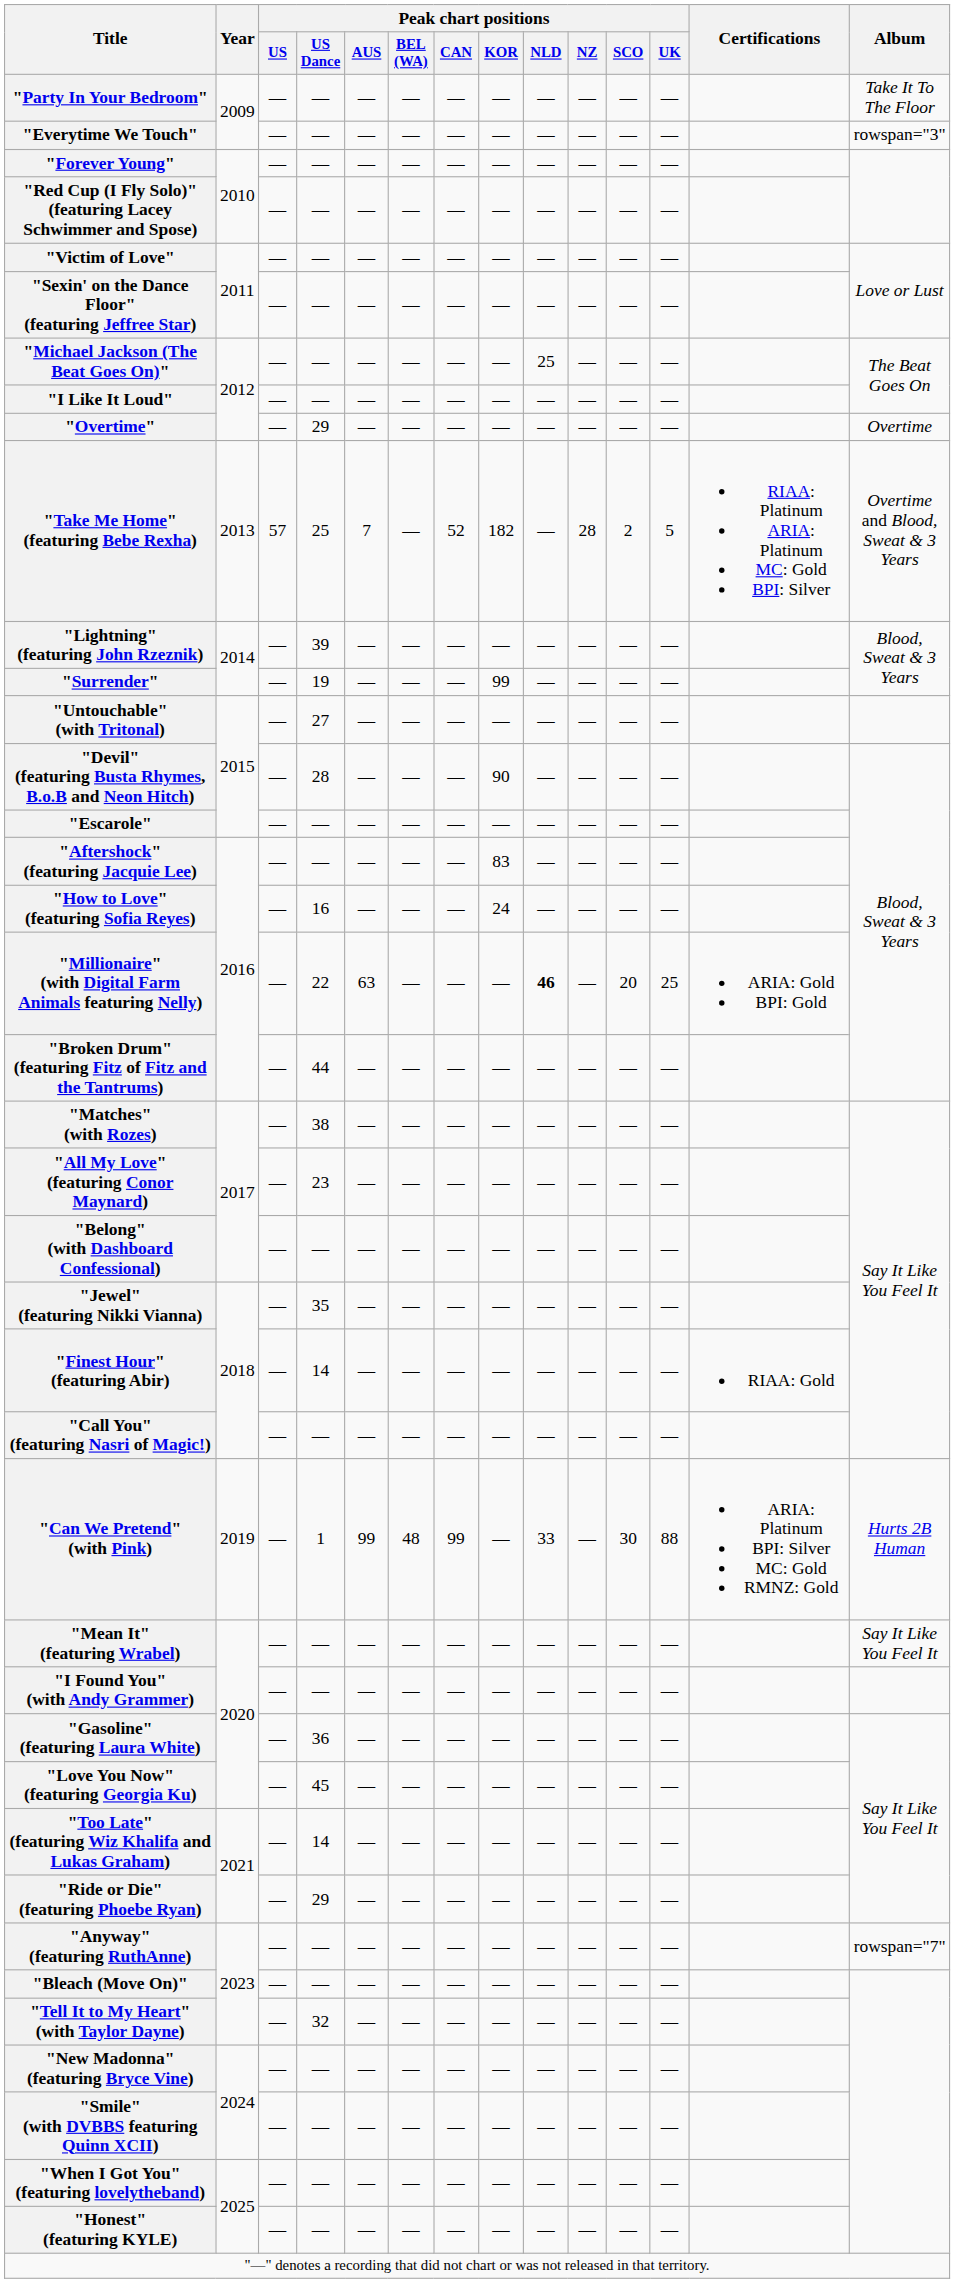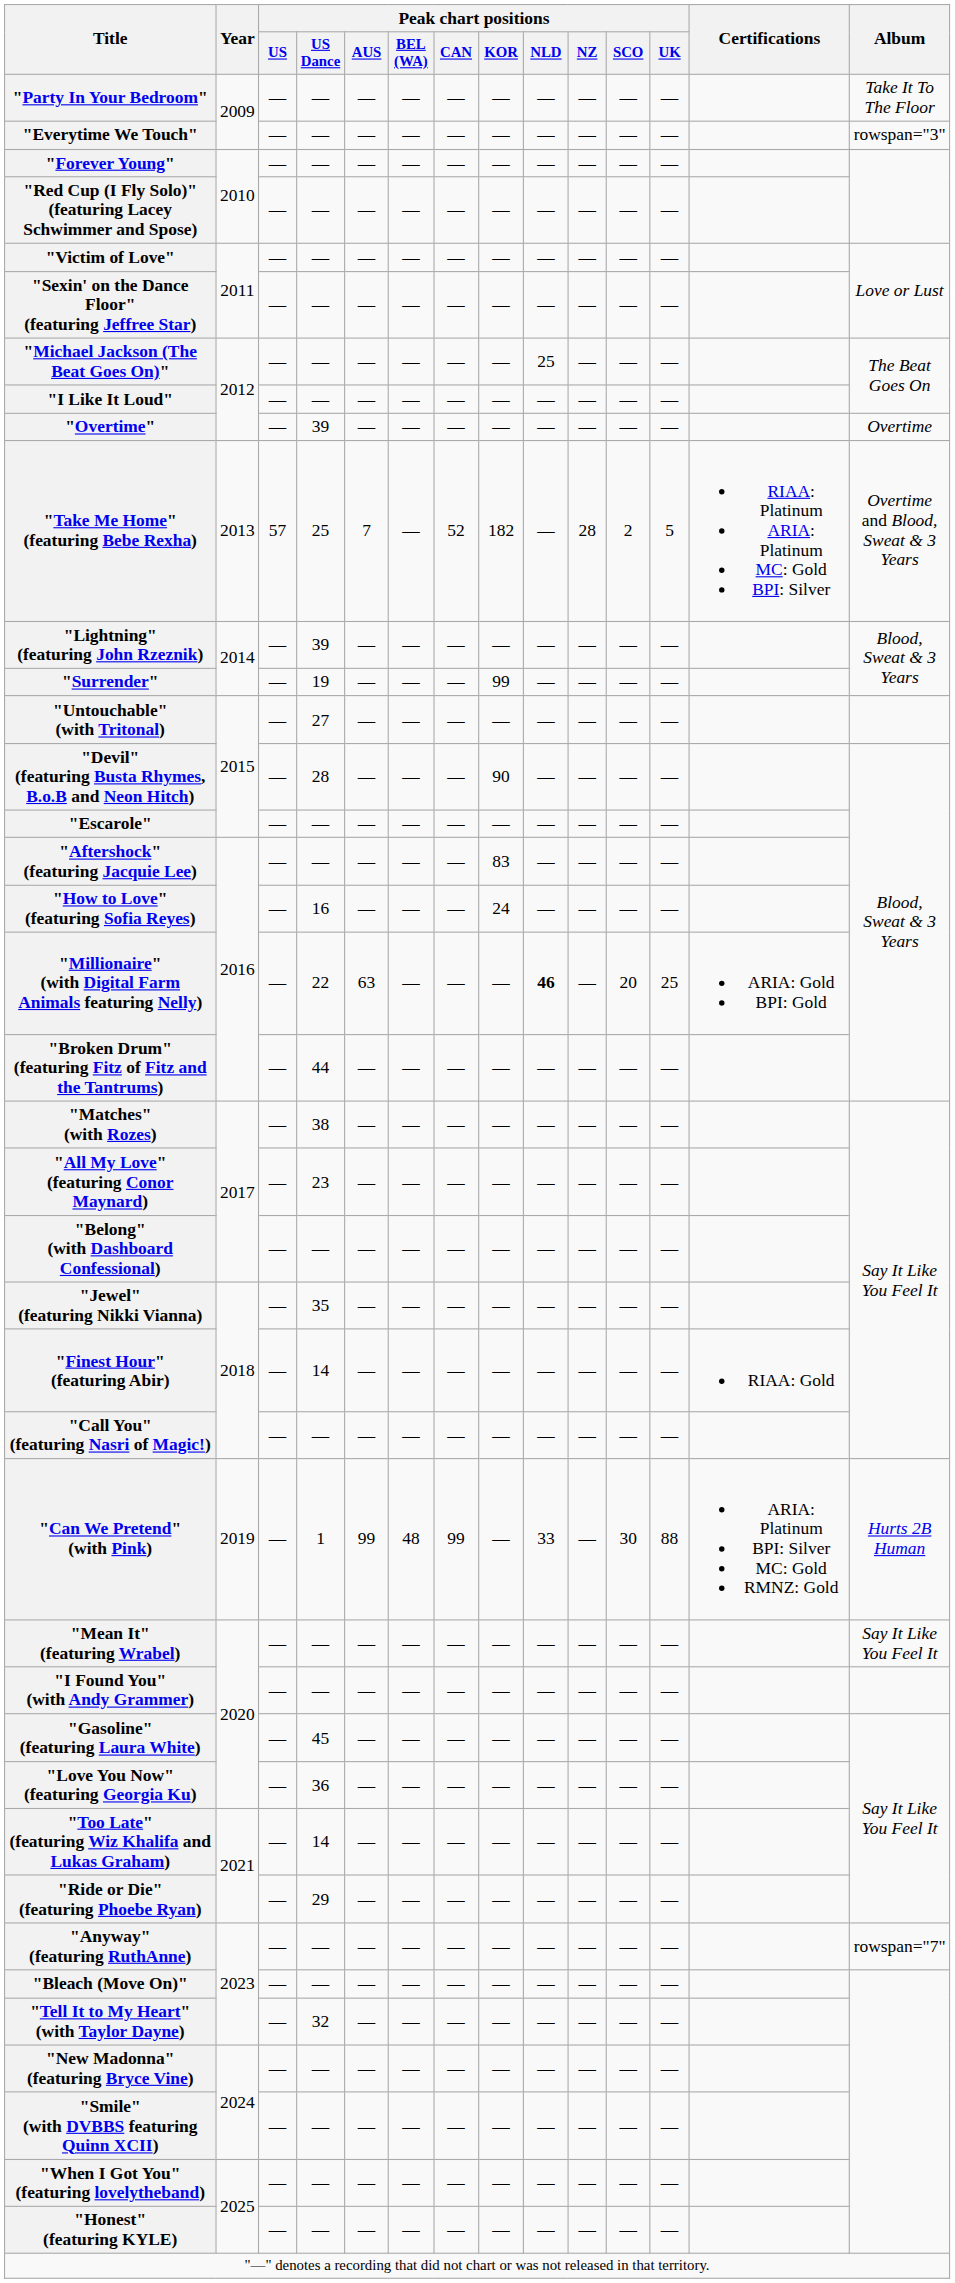 <table class="wikitable plainrowheaders" style="text-align:center;">
 <tr>
 <th scope="col" rowspan="2" style="width:18em;">Title</th>
 <th scope="col" rowspan="2">Year</th>
 <th scope="col" colspan="10">Peak chart positions</th>
 <th scope="col" rowspan="2" style="width:12em;">Certifications</th>
 <th scope="col" rowspan="2">Album</th>
 </tr>
 <tr>
 <th scope="col" style="width:3em;font-size:85%;"><a href='#'>US</a><br></th>
 <th scope="col" style="width:3em;font-size:85%;"><a href='#'>US<br>Dance</a><br></th>
 <th scope="col" style="width:3em;font-size:85%;"><a href='#'>AUS</a><br></th>
 <th scope="col" style="width:3em;font-size:85%;"><a href='#'>BEL<br>(WA)</a><br></th>
 <th scope="col" style="width:3em;font-size:85%;"><a href='#'>CAN</a><br></th>
 <th scope="col" style="width:3em;font-size:85%;"><a href='#'>KOR</a><br></th>
 <th scope="col" style="width:3em;font-size:85%;"><a href='#'>NLD</a><br></th>
 <th scope="col" style="width:3em;font-size:85%;"><a href='#'>NZ</a><br></th>
 <th scope="col" style="width:3em;font-size:85%;"><a href='#'>SCO</a><br></th>
 <th scope="col" style="width:3em;font-size:85%;"><a href='#'>UK</a><br></th>
 </tr>
 <tr>
 <th scope="row">"<a href='#'>Party In Your Bedroom</a>"</th>
 <td rowspan="2">2009</td>
 <td>—</td>
 <td>—</td>
 <td>—</td>
 <td>—</td>
 <td>—</td>
 <td>—</td>
 <td>—</td>
 <td>—</td>
 <td>—</td>
 <td>—</td>
 <td></td>
 <td><em>Take It To The Floor</em></td>
 </tr>
 <tr>
 <th scope="row">"Everytime We Touch"</th>
 <td>—</td>
 <td>—</td>
 <td>—</td>
 <td>—</td>
 <td>—</td>
 <td>—</td>
 <td>—</td>
 <td>—</td>
 <td>—</td>
 <td>—</td>
 <td></td>
 <td>rowspan="3" </td>
 </tr>
 <tr>
 <th scope="row">"<a href='#'>Forever Young</a>"</th>
 <td rowspan="2">2010</td>
 <td>—</td>
 <td>—</td>
 <td>—</td>
 <td>—</td>
 <td>—</td>
 <td>—</td>
 <td>—</td>
 <td>—</td>
 <td>—</td>
 <td>—</td>
 <td></td>
 </tr>
 <tr>
 <th scope="row">"Red Cup (I Fly Solo)"<br><span>(featuring Lacey Schwimmer and Spose)</span></th>
 <td>—</td>
 <td>—</td>
 <td>—</td>
 <td>—</td>
 <td>—</td>
 <td>—</td>
 <td>—</td>
 <td>—</td>
 <td>—</td>
 <td>—</td>
 <td></td>
 </tr>
 <tr>
 <th scope="row">"Victim of Love"</th>
 <td rowspan="2">2011</td>
 <td>—</td>
 <td>—</td>
 <td>—</td>
 <td>—</td>
 <td>—</td>
 <td>—</td>
 <td>—</td>
 <td>—</td>
 <td>—</td>
 <td>—</td>
 <td></td>
 <td rowspan="2"><em>Love or Lust</em></td>
 </tr>
 <tr>
 <th scope="row">"Sexin' on the Dance Floor"<br><span>(featuring <a href='#'>Jeffree Star</a>)</span></th>
 <td>—</td>
 <td>—</td>
 <td>—</td>
 <td>—</td>
 <td>—</td>
 <td>—</td>
 <td>—</td>
 <td>—</td>
 <td>—</td>
 <td>—</td>
 <td></td>
 </tr>
 <tr>
 <th scope="row">"<a href='#'>Michael Jackson (The Beat Goes On)</a>"</th>
 <td rowspan="3">2012</td>
 <td>—</td>
 <td>—</td>
 <td>—</td>
 <td>—</td>
 <td>—</td>
 <td>—</td>
 <td>25</td>
 <td>—</td>
 <td>—</td>
 <td>—</td>
 <td></td>
 <td rowspan="2"><em>The Beat Goes On</em></td>
 </tr>
 <tr>
 <th scope="row">"I Like It Loud"</th>
 <td>—</td>
 <td>—</td>
 <td>—</td>
 <td>—</td>
 <td>—</td>
 <td>—</td>
 <td>—</td>
 <td>—</td>
 <td>—</td>
 <td>—</td>
 </tr>
 <tr>
 <th scope="row">"<a href='#'>Overtime</a>"</th>
 <td>—</td>
-<td>29</td>
+<td>39</td>
 <td>—</td>
 <td>—</td>
 <td>—</td>
 <td>—</td>
 <td>—</td>
 <td>—</td>
 <td>—</td>
 <td>—</td>
 <td></td>
 <td><em>Overtime</em></td>
 </tr>
 <tr>
 <th scope="row">"<a href='#'>Take Me Home</a>"<br><span>(featuring <a href='#'>Bebe Rexha</a>)</span></th>
 <td>2013</td>
 <td>57</td>
 <td>25</td>
 <td>7</td>
 <td>—</td>
 <td>52</td>
 <td>182</td>
 <td>—</td>
 <td>28</td>
 <td>2</td>
 <td>5</td>
 <td><br><ul><li><a href='#'>RIAA</a>: Platinum</li><li><a href='#'>ARIA</a>: Platinum</li><li><a href='#'>MC</a>: Gold</li><li><a href='#'>BPI</a>: Silver</li></ul></td>
 <td><em>Overtime</em> and <em>Blood, Sweat & 3 Years</em></td>
 </tr>
 <tr>
 <th scope="row">"Lightning"<br><span>(featuring <a href='#'>John Rzeznik</a>)</span></th>
 <td rowspan="2">2014</td>
 <td>—</td>
 <td>39</td>
 <td>—</td>
 <td>—</td>
 <td>—</td>
 <td>—</td>
 <td>—</td>
 <td>—</td>
 <td>—</td>
 <td>—</td>
 <td></td>
 <td rowspan="2"><em>Blood, Sweat & 3 Years</em></td>
 </tr>
 <tr>
 <th scope="row">"<a href='#'>Surrender</a>"</th>
 <td>—</td>
 <td>19</td>
 <td>—</td>
 <td>—</td>
 <td>—</td>
 <td>99</td>
 <td>—</td>
 <td>—</td>
 <td>—</td>
 <td>—</td>
 <td></td>
 </tr>
 <tr>
 <th scope="row">"Untouchable"<br><span>(with <a href='#'>Tritonal</a>)</span></th>
 <td rowspan="3">2015</td>
 <td>—</td>
 <td>27</td>
 <td>—</td>
 <td>—</td>
 <td>—</td>
 <td>—</td>
 <td>—</td>
 <td>—</td>
 <td>—</td>
 <td>—</td>
 <td></td>
 <td></td>
 </tr>
 <tr>
 <th scope="row">"Devil"<br><span>(featuring <a href='#'>Busta Rhymes</a>, <a href='#'>B.o.B</a> and <a href='#'>Neon Hitch</a>)</span></th>
 <td>—</td>
 <td>28</td>
 <td>—</td>
 <td>—</td>
 <td>—</td>
 <td>90</td>
 <td>—</td>
 <td>—</td>
 <td>—</td>
 <td>—</td>
 <td></td>
 <td rowspan="6"><em>Blood, Sweat & 3 Years</em></td>
 </tr>
 <tr>
 <th scope="row">"Escarole"</th>
 <td>—</td>
 <td>—</td>
 <td>—</td>
 <td>—</td>
 <td>—</td>
 <td>—</td>
 <td>—</td>
 <td>—</td>
 <td>—</td>
 <td>—</td>
 <td></td>
 </tr>
 <tr>
 <th scope="row">"<a href='#'>Aftershock</a>"<br><span>(featuring <a href='#'>Jacquie Lee</a>)</span></th>
 <td rowspan="4">2016</td>
 <td>—</td>
 <td>—</td>
 <td>—</td>
 <td>—</td>
 <td>—</td>
 <td>83</td>
 <td>—</td>
 <td>—</td>
 <td>—</td>
 <td>—</td>
 <td></td>
 </tr>
 <tr>
 <th scope="row">"<a href='#'>How to Love</a>"<br><span>(featuring <a href='#'>Sofia Reyes</a>)</span></th>
 <td>—</td>
 <td>16</td>
 <td>—</td>
 <td>—</td>
 <td>—</td>
 <td>24</td>
 <td>—</td>
 <td>—</td>
 <td>—</td>
 <td>—</td>
 <td></td>
 </tr>
 <tr>
 <th scope="row">"<a href='#'>Millionaire</a>"<br><span>(with <a href='#'>Digital Farm Animals</a> featuring <a href='#'>Nelly</a>)</span></th>
 <td>—</td>
 <td>22</td>
 <td>63</td>
 <td>—</td>
 <td>—</td>
 <td>—</td>
 <td><strong>46</strong></td>
 <td>—</td>
 <td>20</td>
 <td>25</td>
 <td><br><ul><li>ARIA: Gold</li><li>BPI: Gold</li></ul></td>
 </tr>
 <tr>
 <th scope="row">"Broken Drum"<br><span>(featuring <a href='#'>Fitz</a> of <a href='#'>Fitz and the Tantrums</a>)</span></th>
 <td>—</td>
 <td>44</td>
 <td>—</td>
 <td>—</td>
 <td>—</td>
 <td>—</td>
 <td>—</td>
 <td>—</td>
 <td>—</td>
 <td>—</td>
 <td></td>
 </tr>
 <tr>
 <th scope="row">"Matches"<br><span>(with <a href='#'>Rozes</a>)</span></th>
 <td rowspan="3">2017</td>
 <td>—</td>
 <td>38</td>
 <td>—</td>
 <td>—</td>
 <td>—</td>
 <td>—</td>
 <td>—</td>
 <td>—</td>
 <td>—</td>
 <td>—</td>
 <td></td>
 <td rowspan="6"><em>Say It Like You Feel It</em></td>
 </tr>
 <tr>
 <th scope="row">"<a href='#'>All My Love</a>"<br><span>(featuring <a href='#'>Conor Maynard</a>)</span></th>
 <td>—</td>
 <td>23</td>
 <td>—</td>
 <td>—</td>
 <td>—</td>
 <td>—</td>
 <td>—</td>
 <td>—</td>
 <td>—</td>
 <td>—</td>
 <td></td>
 </tr>
 <tr>
 <th scope="row">"Belong"<br><span>(with <a href='#'>Dashboard Confessional</a>)</span></th>
 <td>—</td>
 <td>—</td>
 <td>—</td>
 <td>—</td>
 <td>—</td>
 <td>—</td>
 <td>—</td>
 <td>—</td>
 <td>—</td>
 <td>—</td>
 <td></td>
 </tr>
 <tr>
 <th scope="row">"Jewel"<br><span>(featuring Nikki Vianna)</span></th>
 <td rowspan="3">2018</td>
 <td>—</td>
 <td>35</td>
 <td>—</td>
 <td>—</td>
 <td>—</td>
 <td>—</td>
 <td>—</td>
 <td>—</td>
 <td>—</td>
 <td>—</td>
 <td></td>
 </tr>
 <tr>
 <th scope="row">"<a href='#'>Finest Hour</a>"<br><span>(featuring Abir)</span></th>
 <td>—</td>
 <td>14</td>
 <td>—</td>
 <td>—</td>
 <td>—</td>
 <td>—</td>
 <td>—</td>
 <td>—</td>
 <td>—</td>
 <td>—</td>
 <td><br><ul><li>RIAA: Gold</li></ul></td>
 </tr>
 <tr>
 <th scope="row">"Call You"<br><span>(featuring <a href='#'>Nasri</a> of <a href='#'>Magic!</a>)</span></th>
 <td>—</td>
 <td>—</td>
 <td>—</td>
 <td>—</td>
 <td>—</td>
 <td>—</td>
 <td>—</td>
 <td>—</td>
 <td>—</td>
 <td>—</td>
 <td></td>
 </tr>
 <tr>
 <th scope="row">"<a href='#'>Can We Pretend</a>"<br><span>(with <a href='#'>Pink</a>)</span></th>
 <td>2019</td>
 <td>—</td>
 <td>1</td>
 <td>99</td>
 <td>48</td>
 <td>99</td>
 <td>—</td>
 <td>33</td>
 <td>—</td>
 <td>30</td>
 <td>88</td>
 <td><br><ul><li>ARIA: Platinum</li><li>BPI: Silver</li><li>MC: Gold</li><li>RMNZ: Gold</li></ul></td>
 <td><em><a href='#'>Hurts 2B Human</a></em></td>
 </tr>
 <tr>
 <th scope="row">"Mean It" <br><span>(featuring <a href='#'>Wrabel</a>)</span></th>
 <td rowspan="4">2020</td>
 <td>—</td>
 <td>—</td>
 <td>—</td>
 <td>—</td>
 <td>—</td>
 <td>—</td>
 <td>—</td>
 <td>—</td>
 <td>—</td>
 <td>—</td>
 <td></td>
 <td><em>Say It Like You Feel It</em></td>
 </tr>
 <tr>
 <th scope="row">"I Found You" <br><span>(with <a href='#'>Andy Grammer</a>)</span></th>
 <td>—</td>
 <td>—</td>
 <td>—</td>
 <td>—</td>
 <td>—</td>
 <td>—</td>
 <td>—</td>
 <td>—</td>
 <td>—</td>
 <td>—</td>
 <td></td>
 <td></td>
 </tr>
 <tr>
 <th scope="row">"Gasoline" <br><span>(featuring <a href='#'>Laura White</a>)</span></th>
 <td>—</td>
-<td>36</td>
+<td>45</td>
 <td>—</td>
 <td>—</td>
 <td>—</td>
 <td>—</td>
 <td>—</td>
 <td>—</td>
 <td>—</td>
 <td>—</td>
 <td></td>
 <td rowspan="4"><em>Say It Like You Feel It</em></td>
 </tr>
 <tr>
 <th scope="row">"Love You Now" <br><span>(featuring <a href='#'>Georgia Ku</a>)</span></th>
 <td>—</td>
-<td>45</td>
+<td>36</td>
 <td>—</td>
 <td>—</td>
 <td>—</td>
 <td>—</td>
 <td>—</td>
 <td>—</td>
 <td>—</td>
 <td>—</td>
 </tr>
 <tr>
 <th scope="row">"<a href='#'>Too Late</a>" <br><span>(featuring <a href='#'>Wiz Khalifa</a> and <a href='#'>Lukas Graham</a>)</span></th>
 <td rowspan="2">2021</td>
 <td>—</td>
 <td>14</td>
 <td>—</td>
 <td>—</td>
 <td>—</td>
 <td>—</td>
 <td>—</td>
 <td>—</td>
 <td>—</td>
 <td>—</td>
 <td></td>
 </tr>
 <tr>
 <th scope="row">"Ride or Die" <br><span>(featuring <a href='#'>Phoebe Ryan</a>)</span></th>
 <td>—</td>
 <td>29</td>
 <td>—</td>
 <td>—</td>
 <td>—</td>
 <td>—</td>
 <td>—</td>
 <td>—</td>
 <td>—</td>
 <td>—</td>
 <td></td>
 </tr>
 <tr>
 <th scope="row">"Anyway" <br><span>(featuring <a href='#'>RuthAnne</a>)</span></th>
 <td rowspan="3">2023</td>
 <td>—</td>
 <td>—</td>
 <td>—</td>
 <td>—</td>
 <td>—</td>
 <td>—</td>
 <td>—</td>
 <td>—</td>
 <td>—</td>
 <td>—</td>
 <td></td>
 <td>rowspan="7" </td>
 </tr>
 <tr>
 <th scope="row">"Bleach (Move On)"</th>
 <td>—</td>
 <td>—</td>
 <td>—</td>
 <td>—</td>
 <td>—</td>
 <td>—</td>
 <td>—</td>
 <td>—</td>
 <td>—</td>
 <td>—</td>
 <td></td>
 </tr>
 <tr>
 <th scope="row">"<a href='#'>Tell It to My Heart</a>" <br><span>(with <a href='#'>Taylor Dayne</a>)</span></th>
 <td>—</td>
 <td>32</td>
 <td>—</td>
 <td>—</td>
 <td>—</td>
 <td>—</td>
 <td>—</td>
 <td>—</td>
 <td>—</td>
 <td>—</td>
 <td></td>
 </tr>
 <tr>
 <th scope="row">"New Madonna" <br><span>(featuring <a href='#'>Bryce Vine</a>)</span></th>
 <td rowspan="2">2024</td>
 <td>—</td>
 <td>—</td>
 <td>—</td>
 <td>—</td>
 <td>—</td>
 <td>—</td>
 <td>—</td>
 <td>—</td>
 <td>—</td>
 <td>—</td>
 <td></td>
 </tr>
 <tr>
 <th scope="row">"Smile" <br><span>(with <a href='#'>DVBBS</a> featuring <a href='#'>Quinn XCII</a>)</span></th>
 <td>—</td>
 <td>—</td>
 <td>—</td>
 <td>—</td>
 <td>—</td>
 <td>—</td>
 <td>—</td>
 <td>—</td>
 <td>—</td>
 <td>—</td>
 <td></td>
 </tr>
 <tr>
 <th scope="row">"When I Got You" <br><span>(featuring <a href='#'>lovelytheband</a>)</span></th>
 <td rowspan="2">2025</td>
 <td>—</td>
 <td>—</td>
 <td>—</td>
 <td>—</td>
 <td>—</td>
 <td>—</td>
 <td>—</td>
 <td>—</td>
 <td>—</td>
 <td>—</td>
 <td></td>
 </tr>
 <tr>
 <th scope="row">"Honest" <br><span>(featuring KYLE)</span></th>
 <td>—</td>
 <td>—</td>
 <td>—</td>
 <td>—</td>
 <td>—</td>
 <td>—</td>
 <td>—</td>
 <td>—</td>
 <td>—</td>
 <td>—</td>
 <td></td>
 </tr>
 <tr>
 <td colspan="15" style="font-size:85%">"—" denotes a recording that did not chart or was not released in that territory.</td>
 </tr>
 </table>
